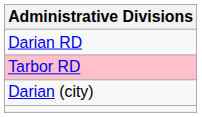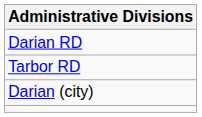 <table class="wikitable">
 <tr>
 <th>Administrative Divisions</th>
 </tr>
 <tr>
 <td><a href='#'>Darian RD</a></td>
 </tr>
 <tr>
-<td style="background: pink;"><a href='#'>Tarbor RD</a></td>
+<td><a href='#'>Tarbor RD</a></td>
 </tr>
 <tr>
 <td><a href='#'>Darian</a> (city)</td>
 </tr>
 <tr>
 <td colspan=1></td>
 </tr>
 </table>
